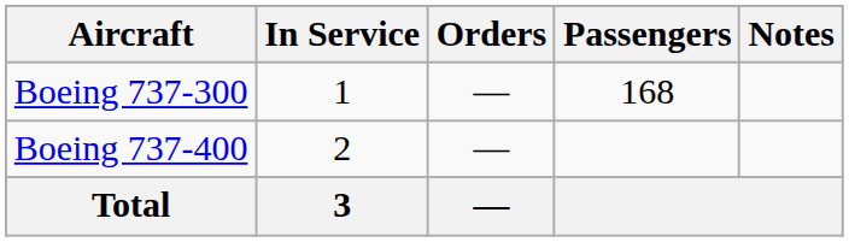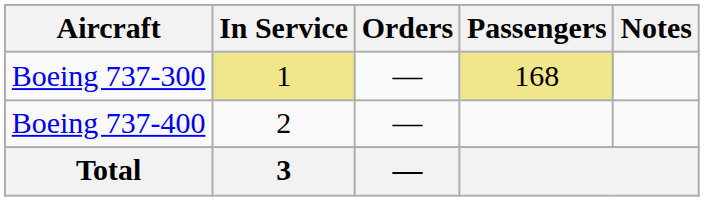 <table class="wikitable" style="margin:1em auto; border-collapse:collapse;text-align:center">
 <tr>
 <th>Aircraft</th>
 <th>In Service</th>
 <th>Orders</th>
 <th>Passengers</th>
 <th>Notes</th>
 </tr>
 <tr>
 <td><a href='#'>Boeing 737-300</a></td>
-<td>1</td>
+<td style="background: khaki;">1</td>
 <td>—</td>
-<td>168</td>
+<td style="background: khaki;">168</td>
 <td></td>
 </tr>
 <tr>
 <td><a href='#'>Boeing 737-400</a></td>
 <td>2</td>
 <td>—</td>
 <td></td>
 <td></td>
 </tr>
 <tr>
 <th>Total</th>
 <th>3</th>
 <th>—</th>
 <th colspan="3"></th>
 </tr>
 </table>
